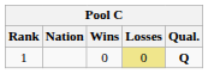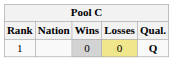 <table class="wikitable" style="text-align:center">
 <tr>
 <th colspan=5 align=center><strong>Pool C</strong></th>
 </tr>
 <tr>
 <th>Rank</th>
 <th>Nation</th>
 <th>Wins</th>
 <th>Losses</th>
 <th>Qual.</th>
 </tr>
 <tr>
 <td>1</td>
 <td align=left></td>
-<td>0</td>
+<td style="background: lightgrey;">0</td>
 <td style="background: khaki;">0</td>
 <td><strong>Q</strong></td>
 </tr>
 </table>
